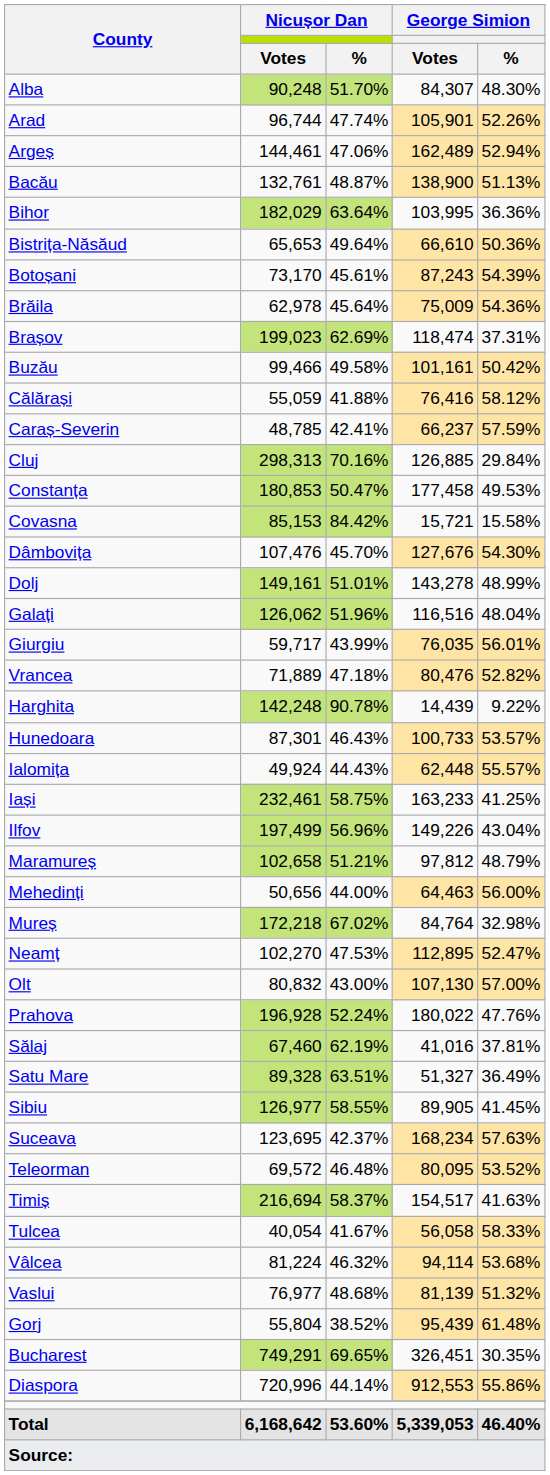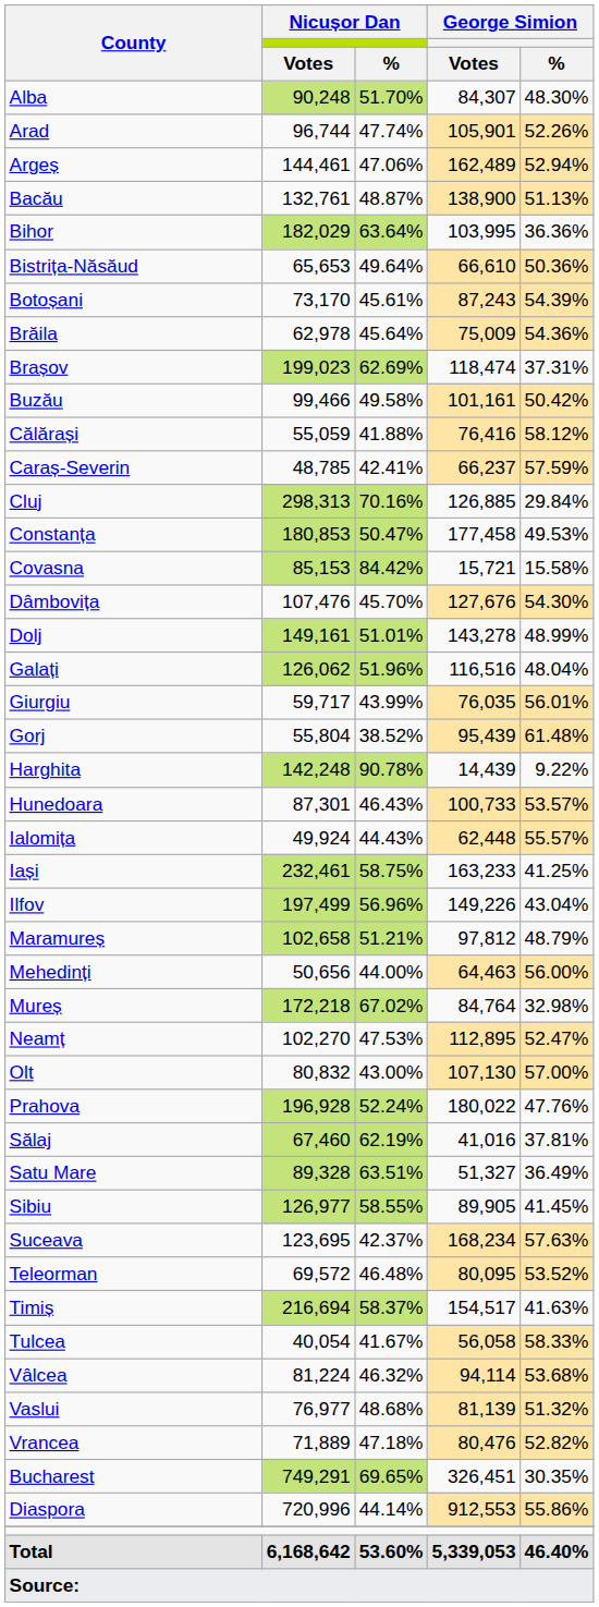 <table class="wikitable nowrap sortable mw-datatable" style="text-align:right; font-size:95%; line-height:20px">
 <tr>
 <th width="200" rowspan="3"><a href='#'>County</a></th>
 <th width="110" colspan="2"><a href='#'>Nicușor Dan</a></th>
 <th width="110" colspan="2"><a href='#'>George Simion</a></th>
 </tr>
 <tr>
 <th colspan="2" style="background:#BAE002;"></th>
 <th colspan="2" style="background:"></th>
 </tr>
 <tr>
 <th>Votes</th>
 <th>%</th>
 <th>Votes</th>
 <th>%</th>
 </tr>
 <tr>
 <td align="left"><a href='#'>Alba</a></td>
 <td style="background:#C2E47B">90,248</td>
 <td style="background:#C2E47B">51.70%</td>
 <td>84,307</td>
 <td>48.30%</td>
 </tr>
 <tr>
 <td align="left"><a href='#'>Arad</a></td>
 <td>96,744</td>
 <td>47.74%</td>
 <td style="background:#ffe5a5">105,901</td>
 <td style="background:#ffe5a5">52.26%</td>
 </tr>
 <tr>
 <td align="left"><a href='#'>Argeș</a></td>
 <td>144,461</td>
 <td>47.06%</td>
 <td style="background:#ffe5a5">162,489</td>
 <td style="background:#ffe5a5">52.94%</td>
 </tr>
 <tr>
 <td align="left"><a href='#'>Bacău</a></td>
 <td>132,761</td>
 <td>48.87%</td>
 <td style="background:#ffe5a5">138,900</td>
 <td style="background:#ffe5a5">51.13%</td>
 </tr>
 <tr>
 <td align="left"><a href='#'>Bihor</a></td>
 <td style="background:#C2E47B">182,029</td>
 <td style="background:#C2E47B">63.64%</td>
 <td>103,995</td>
 <td>36.36%</td>
 </tr>
 <tr>
 <td align="left"><a href='#'>Bistrița-Năsăud</a></td>
 <td>65,653</td>
 <td>49.64%</td>
 <td style="background:#ffe5a5">66,610</td>
 <td style="background:#ffe5a5">50.36%</td>
 </tr>
 <tr>
 <td align="left"><a href='#'>Botoșani</a></td>
 <td>73,170</td>
 <td>45.61%</td>
 <td style="background:#ffe5a5">87,243</td>
 <td style="background:#ffe5a5">54.39%</td>
 </tr>
 <tr>
 <td align="left"><a href='#'>Brăila</a></td>
 <td>62,978</td>
 <td>45.64%</td>
 <td style="background:#ffe5a5">75,009</td>
 <td style="background:#ffe5a5">54.36%</td>
 </tr>
 <tr>
 <td align="left"><a href='#'>Brașov</a></td>
 <td style="background:#C2E47B">199,023</td>
 <td style="background:#C2E47B">62.69%</td>
 <td>118,474</td>
 <td>37.31%</td>
 </tr>
 <tr>
 <td align="left"><a href='#'>Buzău</a></td>
 <td>99,466</td>
 <td>49.58%</td>
 <td style="background:#ffe5a5">101,161</td>
 <td style="background:#ffe5a5">50.42%</td>
 </tr>
 <tr>
 <td align="left"><a href='#'>Călărași</a></td>
 <td>55,059</td>
 <td>41.88%</td>
 <td style="background:#ffe5a5">76,416</td>
 <td style="background:#ffe5a5">58.12%</td>
 </tr>
 <tr>
 <td align="left"><a href='#'>Caraș-Severin</a></td>
 <td>48,785</td>
 <td>42.41%</td>
 <td style="background:#ffe5a5">66,237</td>
 <td style="background:#ffe5a5">57.59%</td>
 </tr>
 <tr>
 <td align="left"><a href='#'>Cluj</a></td>
 <td style="background:#C2E47B">298,313</td>
 <td style="background:#C2E47B">70.16%</td>
 <td>126,885</td>
 <td>29.84%</td>
 </tr>
 <tr>
 <td align="left"><a href='#'>Constanța</a></td>
 <td style="background:#C2E47B">180,853</td>
 <td style="background:#C2E47B">50.47%</td>
 <td>177,458</td>
 <td>49.53%</td>
 </tr>
 <tr>
 <td align="left"><a href='#'>Covasna</a></td>
 <td style="background:#C2E47B">85,153</td>
 <td style="background:#C2E47B">84.42%</td>
 <td>15,721</td>
 <td>15.58%</td>
 </tr>
 <tr>
 <td align="left"><a href='#'>Dâmbovița</a></td>
 <td>107,476</td>
 <td>45.70%</td>
 <td style="background:#ffe5a5">127,676</td>
 <td style="background:#ffe5a5">54.30%</td>
 </tr>
 <tr>
 <td align="left"><a href='#'>Dolj</a></td>
 <td style="background:#C2E47B">149,161</td>
 <td style="background:#C2E47B">51.01%</td>
 <td>143,278</td>
 <td>48.99%</td>
 </tr>
 <tr>
 <td align="left"><a href='#'>Galați</a></td>
 <td style="background:#C2E47B">126,062</td>
 <td style="background:#C2E47B">51.96%</td>
 <td>116,516</td>
 <td>48.04%</td>
 </tr>
 <tr>
 <td align="left"><a href='#'>Giurgiu</a></td>
 <td>59,717</td>
 <td>43.99%</td>
 <td style="background:#ffe5a5">76,035</td>
 <td style="background:#ffe5a5">56.01%</td>
 </tr>
 <tr>
-<td align="left"><a href='#'>Vrancea</a></td>
-<td>71,889</td>
-<td>47.18%</td>
-<td style="background:#ffe5a5">80,476</td>
-<td style="background:#ffe5a5">52.82%</td>
+<td align="left"><a href='#'>Gorj</a></td>
+<td>55,804</td>
+<td>38.52%</td>
+<td style="background:#ffe5a5">95,439</td>
+<td style="background:#ffe5a5">61.48%</td>
 </tr>
 <tr>
 <td align="left"><a href='#'>Harghita</a></td>
 <td style="background:#C2E47B">142,248</td>
 <td style="background:#C2E47B">90.78%</td>
 <td>14,439</td>
 <td>9.22%</td>
 </tr>
 <tr>
 <td align="left"><a href='#'>Hunedoara</a></td>
 <td>87,301</td>
 <td>46.43%</td>
 <td style="background:#ffe5a5">100,733</td>
 <td style="background:#ffe5a5">53.57%</td>
 </tr>
 <tr>
 <td align="left"><a href='#'>Ialomița</a></td>
 <td>49,924</td>
 <td>44.43%</td>
 <td style="background:#ffe5a5">62,448</td>
 <td style="background:#ffe5a5">55.57%</td>
 </tr>
 <tr>
 <td align="left"><a href='#'>Iași</a></td>
 <td style="background:#C2E47B">232,461</td>
 <td style="background:#C2E47B">58.75%</td>
 <td>163,233</td>
 <td>41.25%</td>
 </tr>
 <tr>
 <td align="left"><a href='#'>Ilfov</a></td>
 <td style="background:#C2E47B">197,499</td>
 <td style="background:#C2E47B">56.96%</td>
 <td>149,226</td>
 <td>43.04%</td>
 </tr>
 <tr>
 <td align="left"><a href='#'>Maramureș</a></td>
 <td style="background:#C2E47B">102,658</td>
 <td style="background:#C2E47B">51.21%</td>
 <td>97,812</td>
 <td>48.79%</td>
 </tr>
 <tr>
 <td align="left"><a href='#'>Mehedinți</a></td>
 <td>50,656</td>
 <td>44.00%</td>
 <td style="background:#ffe5a5">64,463</td>
 <td style="background:#ffe5a5">56.00%</td>
 </tr>
 <tr>
 <td align="left"><a href='#'>Mureș</a></td>
 <td style="background:#C2E47B">172,218</td>
 <td style="background:#C2E47B">67.02%</td>
 <td>84,764</td>
 <td>32.98%</td>
 </tr>
 <tr>
 <td align="left"><a href='#'>Neamț</a></td>
 <td>102,270</td>
 <td>47.53%</td>
 <td style="background:#ffe5a5">112,895</td>
 <td style="background:#ffe5a5">52.47%</td>
 </tr>
 <tr>
 <td align="left"><a href='#'>Olt</a></td>
 <td>80,832</td>
 <td>43.00%</td>
 <td style="background:#ffe5a5">107,130</td>
 <td style="background:#ffe5a5">57.00%</td>
 </tr>
 <tr>
 <td align="left"><a href='#'>Prahova</a></td>
 <td style="background:#C2E47B">196,928</td>
 <td style="background:#C2E47B">52.24%</td>
 <td>180,022</td>
 <td>47.76%</td>
 </tr>
 <tr>
 <td align="left"><a href='#'>Sălaj</a></td>
 <td style="background:#C2E47B">67,460</td>
 <td style="background:#C2E47B">62.19%</td>
 <td>41,016</td>
 <td>37.81%</td>
 </tr>
 <tr>
 <td align="left"><a href='#'>Satu Mare</a></td>
 <td style="background:#C2E47B">89,328</td>
 <td style="background:#C2E47B">63.51%</td>
 <td>51,327</td>
 <td>36.49%</td>
 </tr>
 <tr>
 <td align="left"><a href='#'>Sibiu</a></td>
 <td style="background:#C2E47B">126,977</td>
 <td style="background:#C2E47B">58.55%</td>
 <td>89,905</td>
 <td>41.45%</td>
 </tr>
 <tr>
 <td align="left"><a href='#'>Suceava</a></td>
 <td>123,695</td>
 <td>42.37%</td>
 <td style="background:#ffe5a5">168,234</td>
 <td style="background:#ffe5a5">57.63%</td>
 </tr>
 <tr>
 <td align="left"><a href='#'>Teleorman</a></td>
 <td>69,572</td>
 <td>46.48%</td>
 <td style="background:#ffe5a5">80,095</td>
 <td style="background:#ffe5a5">53.52%</td>
 </tr>
 <tr>
 <td align="left"><a href='#'>Timiș</a></td>
 <td style="background:#C2E47B">216,694</td>
 <td style="background:#C2E47B">58.37%</td>
 <td>154,517</td>
 <td>41.63%</td>
 </tr>
 <tr>
 <td align="left"><a href='#'>Tulcea</a></td>
 <td>40,054</td>
 <td>41.67%</td>
 <td style="background:#ffe5a5">56,058</td>
 <td style="background:#ffe5a5">58.33%</td>
 </tr>
 <tr>
 <td align="left"><a href='#'>Vâlcea</a></td>
 <td>81,224</td>
 <td>46.32%</td>
 <td style="background:#ffe5a5">94,114</td>
 <td style="background:#ffe5a5">53.68%</td>
 </tr>
 <tr>
 <td align="left"><a href='#'>Vaslui</a></td>
 <td>76,977</td>
 <td>48.68%</td>
 <td style="background:#ffe5a5">81,139</td>
 <td style="background:#ffe5a5">51.32%</td>
 </tr>
 <tr>
-<td align="left"><a href='#'>Gorj</a></td>
-<td>55,804</td>
-<td>38.52%</td>
-<td style="background:#ffe5a5">95,439</td>
-<td style="background:#ffe5a5">61.48%</td>
+<td align="left"><a href='#'>Vrancea</a></td>
+<td>71,889</td>
+<td>47.18%</td>
+<td style="background:#ffe5a5">80,476</td>
+<td style="background:#ffe5a5">52.82%</td>
 </tr>
 <tr>
 <td align="left"><a href='#'>Bucharest</a></td>
 <td style="background:#C2E47B">749,291</td>
 <td style="background:#C2E47B">69.65%</td>
 <td>326,451</td>
 <td>30.35%</td>
 </tr>
 <tr>
 <td align="left"><a href='#'>Diaspora</a></td>
 <td>720,996</td>
 <td>44.14%</td>
 <td style="background:#ffe5a5">912,553</td>
 <td style="background:#ffe5a5">55.86%</td>
 </tr>
 <tr>
 </tr>
 <tr class="sortbottom">
 <td colspan="5"></td>
 </tr>
 <tr class="sortbottom" style="font-weight:bold; background:#E4E4E4;">
 <td align="left">Total</td>
 <td>6,168,642</td>
 <td>53.60%</td>
 <td>5,339,053</td>
 <td>46.40%</td>
 </tr>
 <tr class="sortbottom">
 <td colspan="5" style="text-align:left; background-color:#eaecf0"><strong>Source:</strong> </td>
 </tr>
 </table>
